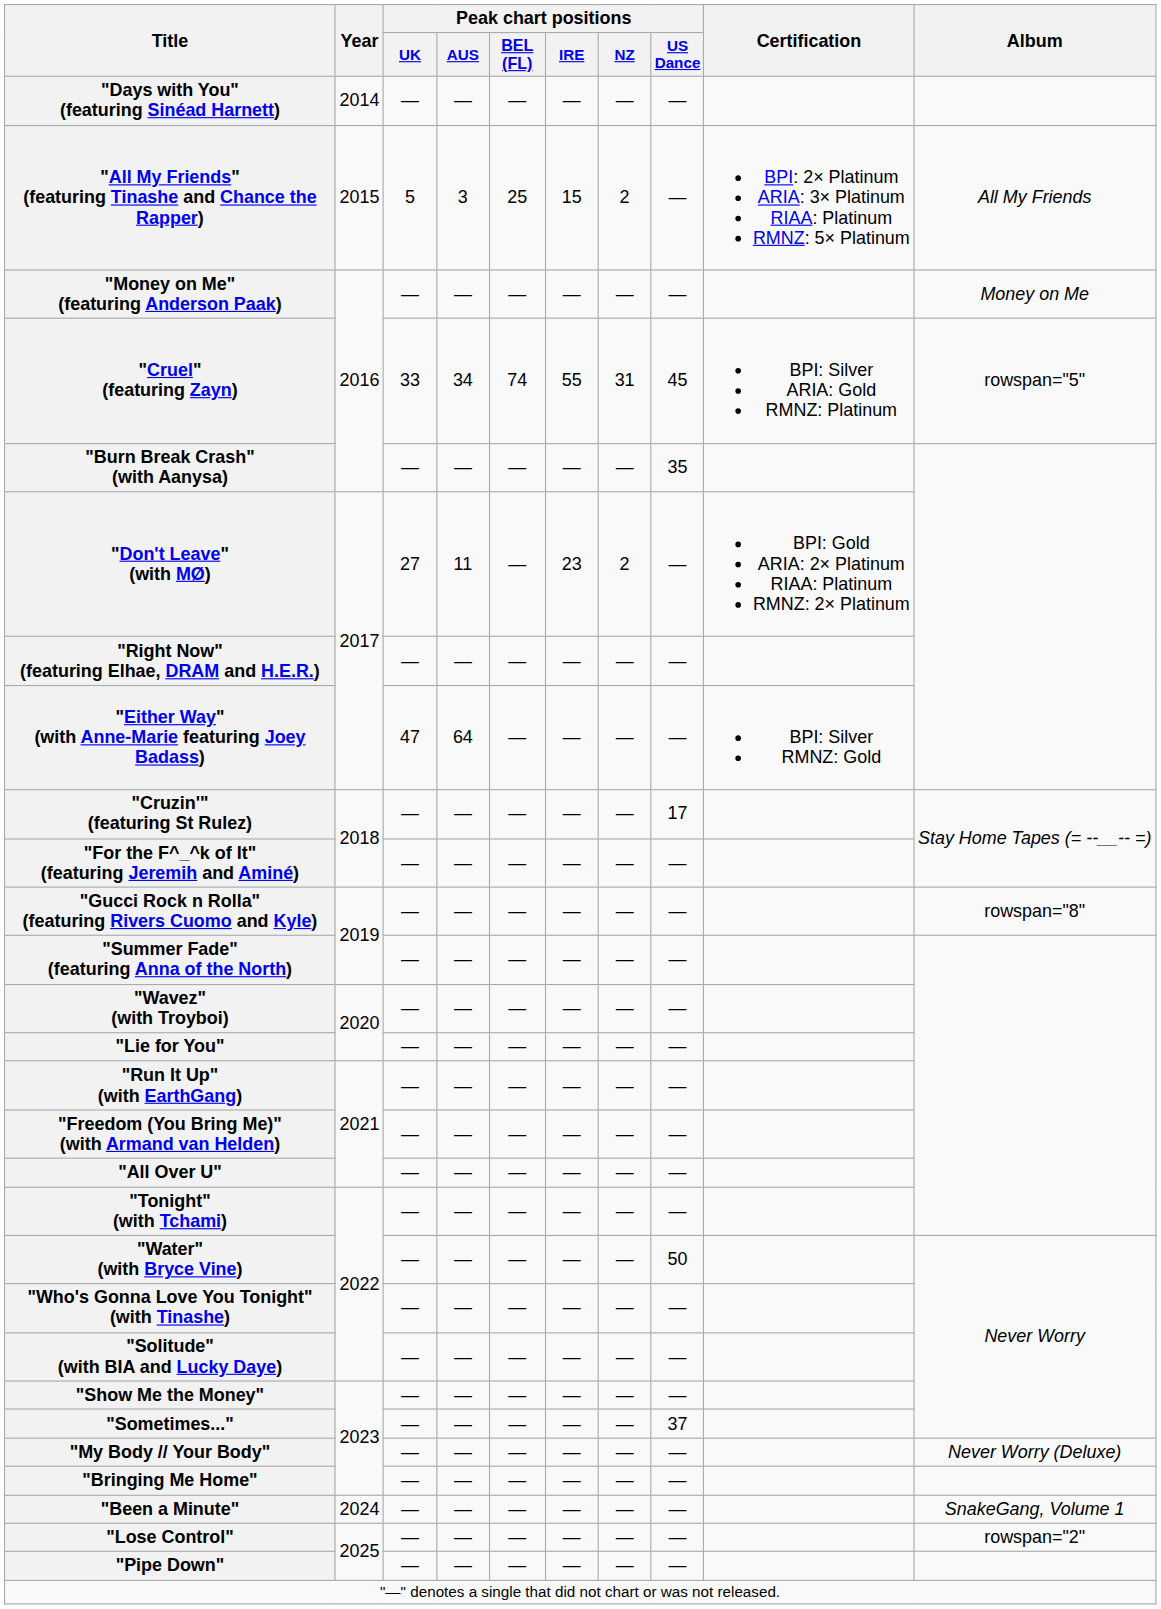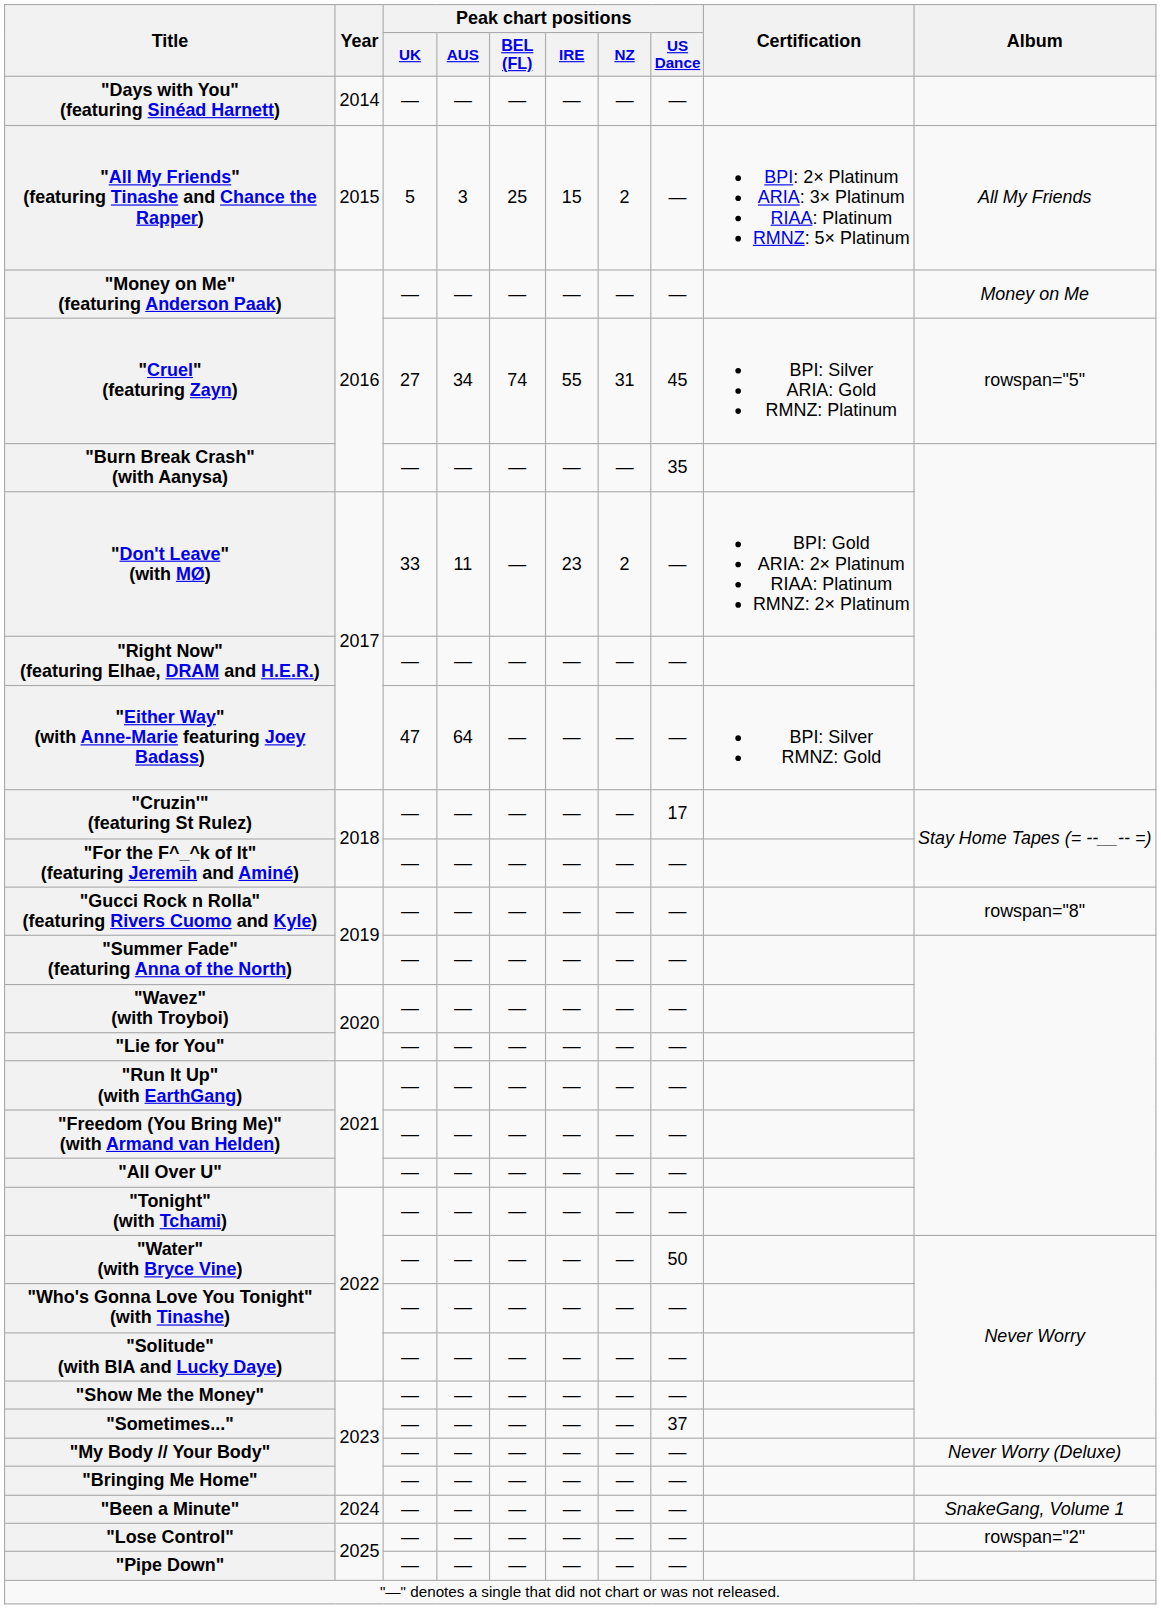 <table class="wikitable plainrowheaders" style="text-align:center;">
 <tr>
 <th scope="col" rowspan="2" style="width:18em;">Title</th>
 <th scope="col" rowspan="2" style="width:1em;">Year</th>
 <th scope="col" colspan="6">Peak chart positions</th>
 <th scope="col" rowspan="2">Certification</th>
 <th scope="col" rowspan="2">Album</th>
 </tr>
 <tr>
 <th scope="col" style="width:3em;font-size:85%;"><a href='#'>UK</a><br></th>
 <th scope="col" style="width:3em;font-size:85%;"><a href='#'>AUS</a><br></th>
 <th scope="col" style="width:3em;font-size:90%;"><a href='#'>BEL<br>(FL)</a><br></th>
 <th scope="col" style="width:3em;font-size:85%;"><a href='#'>IRE</a><br></th>
 <th scope="col" style="width:3em;font-size:85%;"><a href='#'>NZ</a><br></th>
 <th scope="col" style="width:3em;font-size:85%;"><a href='#'>US<br>Dance</a><br></th>
 </tr>
 <tr>
 <th scope="row">"Days with You"<br><span>(featuring <a href='#'>Sinéad Harnett</a>)</span></th>
 <td>2014</td>
 <td>—</td>
 <td>—</td>
 <td>—</td>
 <td>—</td>
 <td>—</td>
 <td>—</td>
 <td></td>
 <td></td>
 </tr>
 <tr>
 <th scope="row">"<a href='#'>All My Friends</a>"<br><span>(featuring <a href='#'>Tinashe</a> and <a href='#'>Chance the Rapper</a>)</span></th>
 <td>2015</td>
 <td>5</td>
 <td>3</td>
 <td>25</td>
 <td>15</td>
 <td>2</td>
 <td>—</td>
 <td><br><ul><li><a href='#'>BPI</a>: 2× Platinum</li><li><a href='#'>ARIA</a>: 3× Platinum</li><li><a href='#'>RIAA</a>: Platinum</li><li><a href='#'>RMNZ</a>: 5× Platinum</li></ul></td>
 <td><em>All My Friends</em></td>
 </tr>
 <tr>
 <th scope="row">"Money on Me"<br><span>(featuring <a href='#'>Anderson Paak</a>)</span></th>
 <td rowspan="3">2016</td>
 <td>—</td>
 <td>—</td>
 <td>—</td>
 <td>—</td>
 <td>—</td>
 <td>—</td>
 <td></td>
 <td><em>Money on Me</em></td>
 </tr>
 <tr>
 <th scope="row">"<a href='#'>Cruel</a>"<br><span>(featuring <a href='#'>Zayn</a>)</span></th>
-<td>33</td>
+<td>27</td>
 <td>34</td>
 <td>74</td>
 <td>55</td>
 <td>31</td>
 <td>45</td>
 <td><br><ul><li>BPI: Silver</li><li>ARIA: Gold</li><li>RMNZ: Platinum</li></ul></td>
 <td>rowspan="5" </td>
 </tr>
 <tr>
 <th scope="row">"Burn Break Crash"<br><span>(with Aanysa)</span></th>
 <td>—</td>
 <td>—</td>
 <td>—</td>
 <td>—</td>
 <td>—</td>
 <td>35</td>
 <td></td>
 </tr>
 <tr>
 <th scope="row">"<a href='#'>Don't Leave</a>" <br><span> (with <a href='#'>MØ</a>)</span></th>
 <td rowspan="3">2017</td>
-<td>27</td>
+<td>33</td>
 <td>11</td>
 <td>—</td>
 <td>23</td>
 <td>2</td>
 <td>—</td>
 <td><br><ul><li>BPI: Gold</li><li>ARIA: 2× Platinum</li><li>RIAA: Platinum</li><li>RMNZ: 2× Platinum</li></ul></td>
 </tr>
 <tr>
 <th scope="row">"Right Now"<br><span>(featuring Elhae, <a href='#'>DRAM</a> and <a href='#'>H.E.R.</a>)</span></th>
 <td>—</td>
 <td>—</td>
 <td>—</td>
 <td>—</td>
 <td>—</td>
 <td>—</td>
 <td></td>
 </tr>
 <tr>
 <th scope="row">"<a href='#'>Either Way</a>"<br><span>(with <a href='#'>Anne-Marie</a> featuring <a href='#'>Joey Badass</a>)</span></th>
 <td>47</td>
 <td>64</td>
 <td>—</td>
 <td>—</td>
 <td>—</td>
 <td>—</td>
 <td><br><ul><li>BPI: Silver</li><li>RMNZ: Gold</li></ul></td>
 </tr>
 <tr>
 <th scope="row">"Cruzin'"<br><span>(featuring St Rulez)</span></th>
 <td rowspan="2">2018</td>
 <td>—</td>
 <td>—</td>
 <td>—</td>
 <td>—</td>
 <td>—</td>
 <td>17</td>
 <td></td>
 <td rowspan="2"><em>Stay Home Tapes (= --__-- =)</em></td>
 </tr>
 <tr>
 <th scope="row">"For the F^_^k of It"<br><span>(featuring <a href='#'>Jeremih</a> and <a href='#'>Aminé</a>)</span></th>
 <td>—</td>
 <td>—</td>
 <td>—</td>
 <td>—</td>
 <td>—</td>
 <td>—</td>
 <td></td>
 </tr>
 <tr>
 <th scope="row">"Gucci Rock n Rolla"<br><span>(featuring <a href='#'>Rivers Cuomo</a> and <a href='#'>Kyle</a>)</span></th>
 <td rowspan="2">2019</td>
 <td>—</td>
 <td>—</td>
 <td>—</td>
 <td>—</td>
 <td>—</td>
 <td>—</td>
 <td></td>
 <td>rowspan="8" </td>
 </tr>
 <tr>
 <th scope="row">"Summer Fade"<br><span>(featuring <a href='#'>Anna of the North</a>)</span></th>
 <td>—</td>
 <td>—</td>
 <td>—</td>
 <td>—</td>
 <td>—</td>
 <td>—</td>
 <td></td>
 </tr>
 <tr>
 <th scope="row">"Wavez" <br><span>(with Troyboi)</span></th>
 <td rowspan="2">2020</td>
 <td>—</td>
 <td>—</td>
 <td>—</td>
 <td>—</td>
 <td>—</td>
 <td>—</td>
 <td></td>
 </tr>
 <tr>
 <th scope="row">"Lie for You" <br></th>
 <td>—</td>
 <td>—</td>
 <td>—</td>
 <td>—</td>
 <td>—</td>
 <td>—</td>
 <td></td>
 </tr>
 <tr>
 <th scope="row">"Run It Up" <br><span>(with <a href='#'>EarthGang</a>)</span></th>
 <td rowspan="3">2021</td>
 <td>—</td>
 <td>—</td>
 <td>—</td>
 <td>—</td>
 <td>—</td>
 <td>—</td>
 <td></td>
 </tr>
 <tr>
 <th scope="row">"Freedom (You Bring Me)" <br><span>(with <a href='#'>Armand van Helden</a>)</span></th>
 <td>—</td>
 <td>—</td>
 <td>—</td>
 <td>—</td>
 <td>—</td>
 <td>—</td>
 <td></td>
 </tr>
 <tr>
 <th scope="row">"All Over U"</th>
 <td>—</td>
 <td>—</td>
 <td>—</td>
 <td>—</td>
 <td>—</td>
 <td>—</td>
 <td></td>
 </tr>
 <tr>
 <th scope="row">"Tonight" <br><span>(with <a href='#'>Tchami</a>)</span></th>
 <td rowspan="4">2022</td>
 <td>—</td>
 <td>—</td>
 <td>—</td>
 <td>—</td>
 <td>—</td>
 <td>—</td>
 <td></td>
 </tr>
 <tr>
 <th scope="row">"Water" <br><span>(with <a href='#'>Bryce Vine</a>)</span></th>
 <td>—</td>
 <td>—</td>
 <td>—</td>
 <td>—</td>
 <td>—</td>
 <td>50</td>
 <td></td>
 <td rowspan="5"><em>Never Worry</em></td>
 </tr>
 <tr>
 <th scope="row">"Who's Gonna Love You Tonight" <br><span>(with <a href='#'>Tinashe</a>)</span></th>
 <td>—</td>
 <td>—</td>
 <td>—</td>
 <td>—</td>
 <td>—</td>
 <td>—</td>
 <td></td>
 </tr>
 <tr>
 <th scope="row">"Solitude"<br><span>(with BIA and <a href='#'>Lucky Daye</a>)</span></th>
 <td>—</td>
 <td>—</td>
 <td>—</td>
 <td>—</td>
 <td>—</td>
 <td>—</td>
 <td></td>
 </tr>
 <tr>
 <th scope="row">"Show Me the Money"<br></th>
 <td rowspan="4">2023</td>
 <td>—</td>
 <td>—</td>
 <td>—</td>
 <td>—</td>
 <td>—</td>
 <td>—</td>
 <td></td>
 </tr>
 <tr>
 <th scope="row">"Sometimes..."<br></th>
 <td>—</td>
 <td>—</td>
 <td>—</td>
 <td>—</td>
 <td>—</td>
 <td>37</td>
 <td></td>
 </tr>
 <tr>
 <th scope="row">"My Body // Your Body"<br></th>
 <td>—</td>
 <td>—</td>
 <td>—</td>
 <td>—</td>
 <td>—</td>
 <td>—</td>
 <td></td>
 <td><em>Never Worry (Deluxe)</em></td>
 </tr>
 <tr>
 <th scope="row">"Bringing Me Home"<br></th>
 <td>—</td>
 <td>—</td>
 <td>—</td>
 <td>—</td>
 <td>—</td>
 <td>—</td>
 <td></td>
 <td></td>
 </tr>
 <tr>
 <th scope="row">"Been a Minute"<br></th>
 <td>2024</td>
 <td>—</td>
 <td>—</td>
 <td>—</td>
 <td>—</td>
 <td>—</td>
 <td>—</td>
 <td></td>
 <td><em>SnakeGang, Volume 1</em></td>
 </tr>
 <tr>
 <th scope="row">"Lose Control"<br></th>
 <td rowspan="2">2025</td>
 <td>—</td>
 <td>—</td>
 <td>—</td>
 <td>—</td>
 <td>—</td>
 <td>—</td>
 <td></td>
 <td>rowspan="2" </td>
 </tr>
 <tr>
 <th scope="row">"Pipe Down"<br></th>
 <td>—</td>
 <td>—</td>
 <td>—</td>
 <td>—</td>
 <td>—</td>
 <td>—</td>
 <td></td>
 </tr>
 <tr>
 <td style="text-align:center; font-size:85%;" colspan="22">"—" denotes a single that did not chart or was not released.</td>
 </tr>
 </table>
